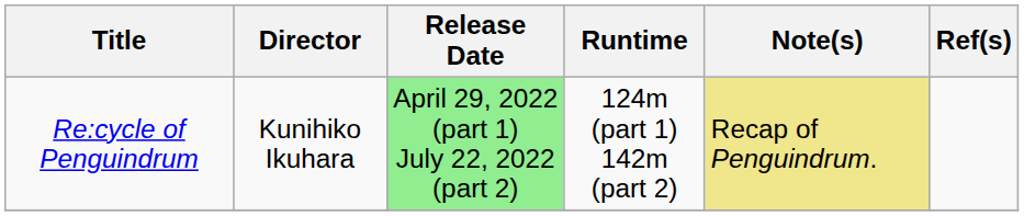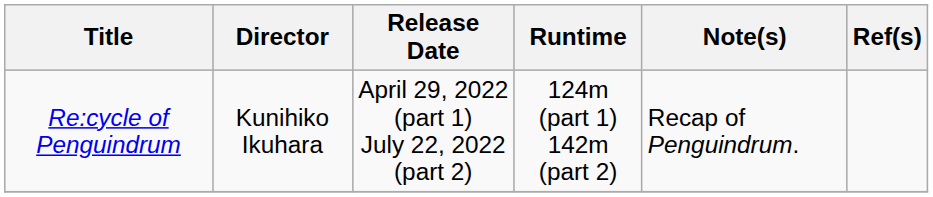 <table class="wikitable sortable" style="text-align:center; margin=auto; ">
 <tr>
 <th scope="col">Title</th>
 <th scope="col">Director</th>
 <th scope="col">Release Date</th>
 <th scope="col">Runtime</th>
 <th scope="col" class="unsortable">Note(s)</th>
 <th scope="col" class="unsortable">Ref(s)</th>
 </tr>
 <tr>
 <td><em><a href='#'>Re:cycle of Penguindrum</a></em></td>
 <td>Kunihiko Ikuhara</td>
-<td style="background: lightgreen;">April 29, 2022 (part 1)<br>July 22, 2022 (part 2)</td>
+<td>April 29, 2022 (part 1)<br>July 22, 2022 (part 2)</td>
 <td>124m (part 1)<br>142m (part 2)</td>
-<td style="background: khaki; text-align:left;">Recap of <em>Penguindrum</em>.</td>
+<td style="text-align:left;">Recap of <em>Penguindrum</em>.</td>
 <td></td>
 </tr>
 <tr>
 </tr>
 </table>
